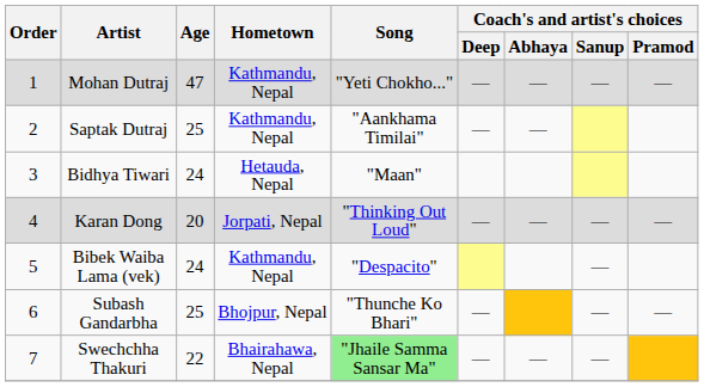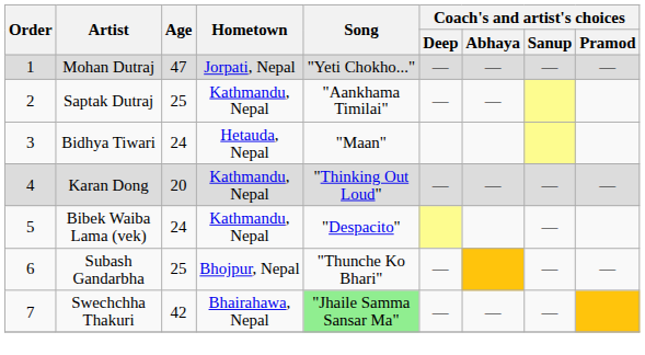 <table class="wikitable plainrowheaders" style="text-align:center; line-height:17px; width:100%;">
 <tr>
 <th scope="col" rowspan="2" style="width:04%;">Order</th>
 <th scope="col" rowspan="2" style="width:18%;">Artist</th>
 <th scope="col" rowspan="2" style="width:04%;">Age</th>
 <th scope="col" rowspan="2" style="width:18%;">Hometown</th>
 <th scope="col" rowspan="2" style="width:20%;">Song</th>
 <th scope="col" colspan="4" style="width:24%;">Coach's and artist's choices</th>
 </tr>
 <tr>
 <th scope="col" style="width:06%;">Deep</th>
 <th scope="col" style="width:06%;">Abhaya</th>
 <th scope="col" style="width:06%;">Sanup</th>
 <th scope="col" style="width:06%;">Pramod</th>
 </tr>
 <tr style="background:#DCDCDC;">
 <td scope="row">1</td>
 <td>Mohan Dutraj</td>
 <td>47</td>
-<td><a href='#'>Kathmandu</a>, Nepal</td>
+<td><a href='#'>Jorpati</a>, Nepal</td>
 <td>"Yeti Chokho..."</td>
 <td>—</td>
 <td>—</td>
 <td>—</td>
 <td>—</td>
 </tr>
 <tr>
 <td scope="row">2</td>
 <td>Saptak Dutraj</td>
 <td>25</td>
 <td><a href='#'>Kathmandu</a>, Nepal</td>
 <td>"Aankhama Timilai"</td>
 <td>—</td>
 <td>—</td>
 <td style="background:#fdfc8f;"><strong></strong></td>
 <td><strong></strong></td>
 </tr>
 <tr>
 <td scope="row">3</td>
 <td>Bidhya Tiwari</td>
 <td>24</td>
 <td><a href='#'>Hetauda</a>, Nepal</td>
 <td>"Maan"</td>
 <td><strong></strong></td>
 <td><strong></strong></td>
 <td style="background:#fdfc8f;"><strong></strong></td>
 <td><strong></strong></td>
 </tr>
 <tr style="background:#DCDCDC;">
 <td scope="row">4</td>
 <td>Karan Dong</td>
 <td>20</td>
-<td><a href='#'>Jorpati</a>, Nepal</td>
+<td><a href='#'>Kathmandu</a>, Nepal</td>
 <td>"<a href='#'>Thinking Out Loud</a>"</td>
 <td>—</td>
 <td>—</td>
 <td>—</td>
 <td>—</td>
 </tr>
 <tr>
 <td scope="row">5</td>
 <td>Bibek Waiba Lama (vek)</td>
 <td>24</td>
 <td><a href='#'>Kathmandu</a>, Nepal</td>
 <td>"<a href='#'>Despacito</a>"</td>
 <td style="background:#fdfc8f;"><strong></strong></td>
 <td><strong></strong></td>
 <td>—</td>
 <td><strong></strong></td>
 </tr>
 <tr>
 <td scope="row">6</td>
 <td>Subash Gandarbha</td>
 <td>25</td>
 <td><a href='#'>Bhojpur</a>, Nepal</td>
 <td>"Thunche Ko Bhari"</td>
 <td>—</td>
 <td style="background:#ffc40c;"><strong></strong></td>
 <td>—</td>
 <td>—</td>
 </tr>
 <tr>
 <td scope="row">7</td>
 <td>Swechchha Thakuri</td>
-<td>22</td>
+<td>42</td>
 <td><a href='#'>Bhairahawa</a>, Nepal</td>
 <td style="background: lightgreen;">"Jhaile Samma Sansar Ma"</td>
 <td>—</td>
 <td>—</td>
 <td>—</td>
 <td style="background:#ffc40c;"><strong></strong></td>
 </tr>
 <tr>
 </tr>
 </table>
